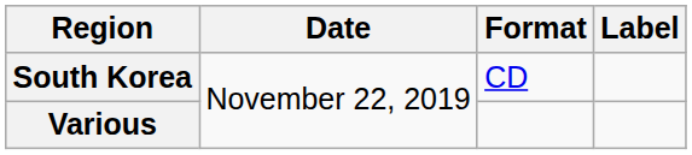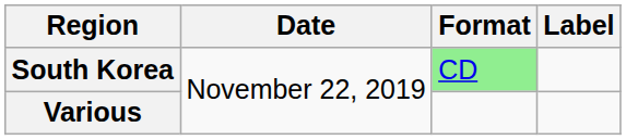 <table class="wikitable plainrowheaders">
 <tr>
 <th scope="col">Region</th>
 <th scope="col">Date</th>
 <th scope="col">Format</th>
 <th scope="col">Label</th>
 </tr>
 <tr>
 <th scope="row">South Korea</th>
 <td rowspan="2">November 22, 2019</td>
-<td><a href='#'>CD</a></td>
+<td style="background: lightgreen;"><a href='#'>CD</a></td>
 <td></td>
 </tr>
 <tr>
 <th scope="row">Various </th>
 <td></td>
 <td></td>
 </tr>
 </table>
